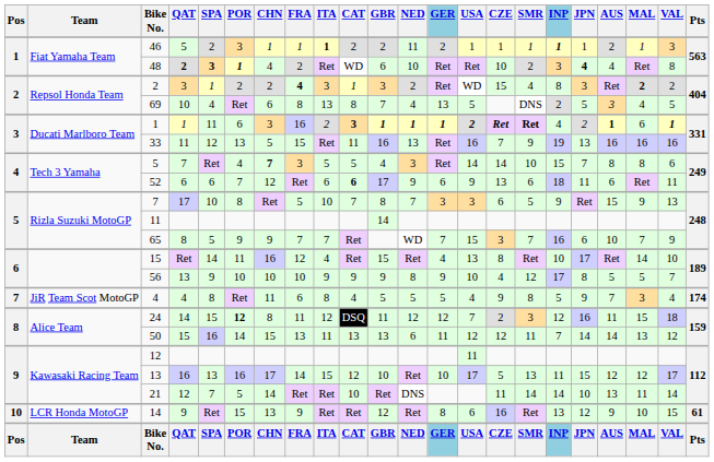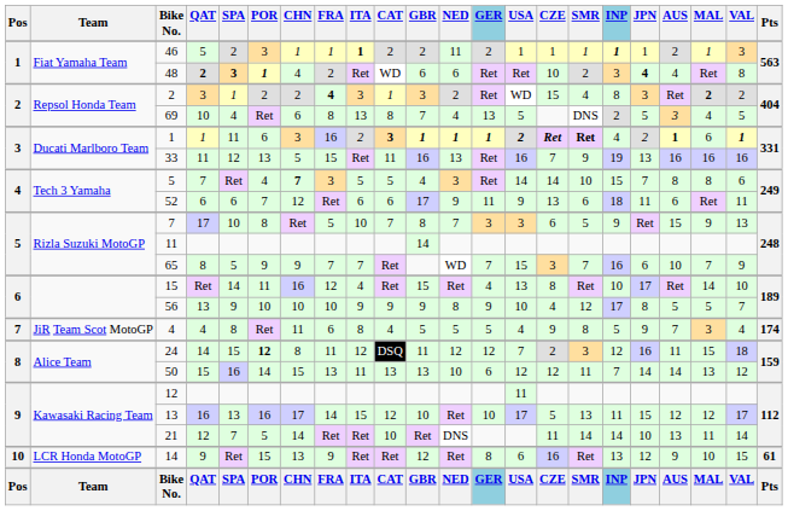 <table class="wikitable" style="font-size: 85%; text-align:center">
 <tr valign="top">
 <th valign="middle" scope="col">Pos</th>
 <th valign="middle" scope="col">Team</th>
 <th valign="middle" scope="col">Bike<br>No.</th>
 <th><a href='#'>QAT</a><br></th>
 <th><a href='#'>SPA</a><br></th>
 <th><a href='#'>POR</a><br></th>
 <th><a href='#'>CHN</a><br></th>
 <th><a href='#'>FRA</a><br></th>
 <th><a href='#'>ITA</a><br></th>
 <th><a href='#'>CAT</a><br></th>
 <th><a href='#'>GBR</a><br></th>
 <th><a href='#'>NED</a><br></th>
 <th style="background:#8fcfdf;"><a href='#'>GER</a><br></th>
 <th><a href='#'>USA</a><br></th>
 <th><a href='#'>CZE</a><br></th>
 <th><a href='#'>SMR</a><br></th>
 <th style="background:#8fcfdf;"><a href='#'>INP</a><br></th>
 <th><a href='#'>JPN</a><br></th>
 <th><a href='#'>AUS</a><br></th>
 <th><a href='#'>MAL</a><br></th>
 <th><a href='#'>VAL</a><br></th>
 <th valign="middle">Pts</th>
 </tr>
 <tr style="border-top:2px solid #aaaaaa">
 <th rowspan="2">1</th>
 <td align="left" rowspan="2"> <a href='#'>Fiat Yamaha Team</a></td>
 <td>46</td>
 <td style="background:#dfffdf;">5</td>
 <td style="background:#dfdfdf;">2</td>
 <td style="background:#ffdf9f;">3</td>
 <td style="background:#ffffbf;"><em>1</em></td>
 <td style="background:#ffffbf;"><em>1</em></td>
 <td style="background:#ffffbf;"><strong>1</strong></td>
 <td style="background:#dfdfdf;">2</td>
 <td style="background:#dfdfdf;">2</td>
 <td style="background:#dfffdf;">11</td>
 <td style="background:#dfdfdf;">2</td>
 <td style="background:#ffffbf;">1</td>
 <td style="background:#ffffbf;">1</td>
 <td style="background:#ffffbf;"><em>1</em></td>
 <td style="background:#ffffbf;"><strong><em>1</em></strong></td>
 <td style="background:#ffffbf;">1</td>
 <td style="background:#dfdfdf;">2</td>
 <td style="background:#ffffbf;"><em>1</em></td>
 <td style="background:#ffdf9f;">3</td>
 <th rowspan="2">563</th>
 </tr>
 <tr>
 <td>48</td>
 <td style="background:#dfdfdf;"><strong>2</strong></td>
 <td style="background:#ffdf9f;"><strong>3</strong></td>
 <td style="background:#ffffbf;"><strong><em>1</em></strong></td>
 <td style="background:#dfffdf;">4</td>
 <td style="background:#dfdfdf;">2</td>
 <td style="background:#efcfff;">Ret</td>
 <td style="background:#ffffff;">WD</td>
 <td style="background:#dfffdf;">6</td>
-<td style="background:#dfffdf;">10</td>
+<td style="background:#dfffdf;">6</td>
 <td style="background:#efcfff;">Ret</td>
 <td style="background:#efcfff;">Ret</td>
 <td style="background:#dfffdf;">10</td>
 <td style="background:#dfdfdf;">2</td>
 <td style="background:#ffdf9f;">3</td>
 <td style="background:#dfffdf;"><strong>4</strong></td>
 <td style="background:#dfffdf;">4</td>
 <td style="background:#efcfff;">Ret</td>
 <td style="background:#dfffdf;">8</td>
 </tr>
 <tr style="border-top:2px solid #aaaaaa">
 <th rowspan="2">2</th>
 <td align="left" rowspan="2"> <a href='#'>Repsol Honda Team</a></td>
 <td>2</td>
 <td style="background:#ffdf9f;">3</td>
 <td style="background:#ffffbf;"><em>1</em></td>
 <td style="background:#dfdfdf;">2</td>
 <td style="background:#dfdfdf;">2</td>
 <td style="background:#dfffdf;"><strong>4</strong></td>
 <td style="background:#ffdf9f;">3</td>
 <td style="background:#ffffbf;"><em>1</em></td>
 <td style="background:#ffdf9f;">3</td>
 <td style="background:#dfdfdf;">2</td>
 <td style="background:#efcfff;">Ret</td>
 <td style="background:#ffffff;">WD</td>
 <td style="background:#dfffdf;">15</td>
 <td style="background:#dfffdf;">4</td>
 <td style="background:#dfffdf;">8</td>
 <td style="background:#ffdf9f;">3</td>
 <td style="background:#efcfff;">Ret</td>
 <td style="background:#dfdfdf;"><strong>2</strong></td>
 <td style="background:#dfdfdf;">2</td>
 <th rowspan="2">404</th>
 </tr>
 <tr>
 <td>69</td>
 <td style="background:#dfffdf;">10</td>
 <td style="background:#dfffdf;">4</td>
 <td style="background:#efcfff;">Ret</td>
 <td style="background:#dfffdf;">6</td>
 <td style="background:#dfffdf;">8</td>
 <td style="background:#dfffdf;">13</td>
 <td style="background:#dfffdf;">8</td>
 <td style="background:#dfffdf;">7</td>
 <td style="background:#dfffdf;">4</td>
 <td style="background:#dfffdf;">13</td>
 <td style="background:#dfffdf;">5</td>
 <td></td>
 <td style="background:#ffffff;">DNS</td>
 <td style="background:#dfdfdf;">2</td>
 <td style="background:#dfffdf;">5</td>
 <td style="background:#ffdf9f;"><em>3</em></td>
 <td style="background:#dfffdf;">4</td>
 <td style="background:#dfffdf;">5</td>
 </tr>
 <tr style="border-top:2px solid #aaaaaa">
 <th rowspan="2">3</th>
 <td align="left" rowspan="2"> <a href='#'>Ducati Marlboro Team</a></td>
 <td>1</td>
 <td style="background:#ffffbf;"><em>1</em></td>
 <td style="background:#dfffdf;">11</td>
 <td style="background:#dfffdf;">6</td>
 <td style="background:#ffdf9f;">3</td>
 <td style="background:#cfcfff;">16</td>
 <td style="background:#dfdfdf;"><em>2</em></td>
 <td style="background:#ffdf9f;"><strong>3</strong></td>
 <td style="background:#ffffbf;"><strong><em>1</em></strong></td>
 <td style="background:#ffffbf;"><strong><em>1</em></strong></td>
 <td style="background:#ffffbf;"><strong><em>1</em></strong></td>
 <td style="background:#dfdfdf;"><strong><em>2</em></strong></td>
 <td style="background:#efcfff;"><strong><em>Ret</em></strong></td>
 <td style="background:#efcfff;"><strong>Ret</strong></td>
 <td style="background:#dfffdf;">4</td>
 <td style="background:#dfdfdf;"><em>2</em></td>
 <td style="background:#ffffbf;"><strong>1</strong></td>
 <td style="background:#dfffdf;">6</td>
 <td style="background:#ffffbf;"><strong><em>1</em></strong></td>
 <th rowspan="2">331</th>
 </tr>
 <tr>
 <td>33</td>
 <td style="background:#dfffdf;">11</td>
 <td style="background:#dfffdf;">12</td>
 <td style="background:#dfffdf;">13</td>
 <td style="background:#dfffdf;">5</td>
 <td style="background:#dfffdf;">15</td>
 <td style="background:#efcfff;">Ret</td>
 <td style="background:#dfffdf;">11</td>
 <td style="background:#cfcfff;">16</td>
 <td style="background:#dfffdf;">13</td>
 <td style="background:#efcfff;">Ret</td>
 <td style="background:#cfcfff;">16</td>
 <td style="background:#dfffdf;">7</td>
 <td style="background:#dfffdf;">9</td>
 <td style="background:#cfcfff;">19</td>
 <td style="background:#dfffdf;">13</td>
 <td style="background:#cfcfff;">16</td>
 <td style="background:#cfcfff;">16</td>
 <td style="background:#cfcfff;">16</td>
 </tr>
 <tr style="border-top:2px solid #aaaaaa">
 <th rowspan="2">4</th>
 <td align="left" rowspan="2"> <a href='#'>Tech 3 Yamaha</a></td>
 <td>5</td>
 <td style="background:#dfffdf;">7</td>
 <td style="background:#efcfff;">Ret</td>
 <td style="background:#dfffdf;">4</td>
 <td style="background:#dfffdf;"><strong>7</strong></td>
 <td style="background:#ffdf9f;">3</td>
 <td style="background:#dfffdf;">5</td>
 <td style="background:#dfffdf;">5</td>
 <td style="background:#dfffdf;">4</td>
 <td style="background:#ffdf9f;">3</td>
 <td style="background:#efcfff;">Ret</td>
 <td style="background:#dfffdf;">14</td>
 <td style="background:#dfffdf;">14</td>
 <td style="background:#dfffdf;">10</td>
 <td style="background:#dfffdf;">15</td>
 <td style="background:#dfffdf;">7</td>
 <td style="background:#dfffdf;">8</td>
 <td style="background:#dfffdf;">8</td>
 <td style="background:#dfffdf;">6</td>
 <th rowspan="2">249</th>
 </tr>
 <tr>
 <td>52</td>
 <td style="background:#dfffdf;">6</td>
 <td style="background:#dfffdf;">6</td>
 <td style="background:#dfffdf;">7</td>
 <td style="background:#dfffdf;">12</td>
 <td style="background:#efcfff;">Ret</td>
 <td style="background:#dfffdf;">6</td>
-<td style="background:#dfffdf;"><strong>6</strong></td>
+<td style="background:#dfffdf;">6</td>
 <td style="background:#cfcfff;">17</td>
 <td style="background:#dfffdf;">9</td>
-<td style="background:#dfffdf;">6</td>
+<td style="background:#dfffdf;">11</td>
 <td style="background:#dfffdf;">9</td>
 <td style="background:#dfffdf;">13</td>
 <td style="background:#dfffdf;">6</td>
 <td style="background:#cfcfff;">18</td>
 <td style="background:#dfffdf;">11</td>
 <td style="background:#dfffdf;">6</td>
 <td style="background:#efcfff;">Ret</td>
 <td style="background:#dfffdf;">11</td>
 </tr>
 <tr style="border-top:2px solid #aaaaaa">
 <th rowspan="3">5</th>
 <td align="left" rowspan="3"> <a href='#'>Rizla Suzuki MotoGP</a></td>
 <td>7</td>
 <td style="background:#cfcfff;">17</td>
 <td style="background:#dfffdf;">10</td>
 <td style="background:#dfffdf;">8</td>
 <td style="background:#efcfff;">Ret</td>
 <td style="background:#dfffdf;">5</td>
 <td style="background:#dfffdf;">10</td>
 <td style="background:#dfffdf;">7</td>
 <td style="background:#dfffdf;">8</td>
 <td style="background:#dfffdf;">7</td>
 <td style="background:#ffdf9f;">3</td>
 <td style="background:#ffdf9f;">3</td>
 <td style="background:#dfffdf;">6</td>
 <td style="background:#dfffdf;">5</td>
 <td style="background:#dfffdf;">9</td>
 <td style="background:#efcfff;">Ret</td>
 <td style="background:#dfffdf;">15</td>
 <td style="background:#dfffdf;">9</td>
 <td style="background:#dfffdf;">13</td>
 <th rowspan="3">248</th>
 </tr>
 <tr>
 <td>11</td>
 <td></td>
 <td></td>
 <td></td>
 <td></td>
 <td></td>
 <td></td>
 <td></td>
 <td style="background:#dfffdf;">14</td>
 <td></td>
 <td></td>
 <td></td>
 <td></td>
 <td></td>
 <td></td>
 <td></td>
 <td></td>
 <td></td>
 <td></td>
 </tr>
 <tr>
 <td>65</td>
 <td style="background:#dfffdf;">8</td>
 <td style="background:#dfffdf;">5</td>
 <td style="background:#dfffdf;">9</td>
 <td style="background:#dfffdf;">9</td>
 <td style="background:#dfffdf;">7</td>
 <td style="background:#dfffdf;">7</td>
 <td style="background:#efcfff;">Ret</td>
 <td></td>
 <td style="background:#ffffff;">WD</td>
 <td style="background:#dfffdf;">7</td>
 <td style="background:#dfffdf;">15</td>
 <td style="background:#ffdf9f;">3</td>
 <td style="background:#dfffdf;">7</td>
 <td style="background:#cfcfff;">16</td>
 <td style="background:#dfffdf;">6</td>
 <td style="background:#dfffdf;">10</td>
 <td style="background:#dfffdf;">7</td>
 <td style="background:#dfffdf;">9</td>
 </tr>
 <tr style="border-top:2px solid #aaaaaa">
 <th rowspan="2">6</th>
 <td align="left" rowspan="2"></td>
 <td>15</td>
 <td style="background:#efcfff;">Ret</td>
 <td style="background:#dfffdf;">14</td>
 <td style="background:#dfffdf;">11</td>
 <td style="background:#cfcfff;">16</td>
 <td style="background:#dfffdf;">12</td>
 <td style="background:#dfffdf;">4</td>
 <td style="background:#efcfff;">Ret</td>
 <td style="background:#dfffdf;">15</td>
 <td style="background:#efcfff;">Ret</td>
 <td style="background:#dfffdf;">4</td>
 <td style="background:#dfffdf;">13</td>
 <td style="background:#dfffdf;">8</td>
 <td style="background:#efcfff;">Ret</td>
 <td style="background:#dfffdf;">10</td>
 <td style="background:#cfcfff;">17</td>
 <td style="background:#efcfff;">Ret</td>
 <td style="background:#dfffdf;">14</td>
 <td style="background:#dfffdf;">10</td>
 <th rowspan="2">189</th>
 </tr>
 <tr>
 <td>56</td>
 <td style="background:#dfffdf;">13</td>
 <td style="background:#dfffdf;">9</td>
 <td style="background:#dfffdf;">10</td>
 <td style="background:#dfffdf;">10</td>
 <td style="background:#dfffdf;">10</td>
 <td style="background:#dfffdf;">9</td>
 <td style="background:#dfffdf;">9</td>
 <td style="background:#dfffdf;">9</td>
 <td style="background:#dfffdf;">8</td>
 <td style="background:#dfffdf;">9</td>
 <td style="background:#dfffdf;">10</td>
 <td style="background:#dfffdf;">4</td>
 <td style="background:#dfffdf;">12</td>
 <td style="background:#cfcfff;">17</td>
 <td style="background:#dfffdf;">8</td>
 <td style="background:#dfffdf;">5</td>
 <td style="background:#dfffdf;">5</td>
 <td style="background:#dfffdf;">7</td>
 </tr>
 <tr style="border-top:2px solid #aaaaaa">
 <th>7</th>
 <td align="left"> <a href='#'>JiR</a> <a href='#'>Team Scot</a> MotoGP</td>
 <td>4</td>
 <td style="background:#dfffdf;">4</td>
 <td style="background:#dfffdf;">8</td>
 <td style="background:#efcfff;">Ret</td>
 <td style="background:#dfffdf;">11</td>
 <td style="background:#dfffdf;">6</td>
 <td style="background:#dfffdf;">8</td>
 <td style="background:#dfffdf;">4</td>
 <td style="background:#dfffdf;">5</td>
 <td style="background:#dfffdf;">5</td>
 <td style="background:#dfffdf;">5</td>
 <td style="background:#dfffdf;">4</td>
 <td style="background:#dfffdf;">9</td>
 <td style="background:#dfffdf;">8</td>
 <td style="background:#dfffdf;">5</td>
 <td style="background:#dfffdf;">9</td>
 <td style="background:#dfffdf;">7</td>
 <td style="background:#ffdf9f;">3</td>
 <td style="background:#dfffdf;">4</td>
 <th>174</th>
 </tr>
 <tr style="border-top:2px solid #aaaaaa">
 <th rowspan="2">8</th>
 <td align="left" rowspan="2"> <a href='#'>Alice Team</a></td>
 <td>24</td>
 <td style="background:#dfffdf;">14</td>
 <td style="background:#dfffdf;">15</td>
 <td style="background:#dfffdf;"><strong>12</strong></td>
 <td style="background:#dfffdf;">8</td>
 <td style="background:#dfffdf;">11</td>
 <td style="background:#dfffdf;">12</td>
 <td style="background:#000; color:#fff;"><span>DSQ</span></td>
 <td style="background:#dfffdf;">11</td>
 <td style="background:#dfffdf;">12</td>
 <td style="background:#dfffdf;">12</td>
 <td style="background:#dfffdf;">7</td>
 <td style="background:#dfdfdf;">2</td>
 <td style="background:#ffdf9f;">3</td>
 <td style="background:#dfffdf;">12</td>
 <td style="background:#cfcfff;">16</td>
 <td style="background:#dfffdf;">11</td>
 <td style="background:#dfffdf;">15</td>
 <td style="background:#cfcfff;">18</td>
 <th rowspan="2">159</th>
 </tr>
 <tr>
 <td>50</td>
 <td style="background:#dfffdf;">15</td>
 <td style="background:#cfcfff;">16</td>
 <td style="background:#dfffdf;">14</td>
 <td style="background:#dfffdf;">15</td>
 <td style="background:#dfffdf;">13</td>
 <td style="background:#dfffdf;">11</td>
 <td style="background:#dfffdf;">13</td>
 <td style="background:#dfffdf;">13</td>
+<td style="background:#dfffdf;">10</td>
 <td style="background:#dfffdf;">6</td>
-<td style="background:#dfffdf;">11</td>
 <td style="background:#dfffdf;">12</td>
 <td style="background:#dfffdf;">12</td>
 <td style="background:#dfffdf;">11</td>
 <td style="background:#dfffdf;">7</td>
 <td style="background:#dfffdf;">14</td>
 <td style="background:#dfffdf;">14</td>
 <td style="background:#dfffdf;">13</td>
 <td style="background:#dfffdf;">12</td>
 </tr>
 <tr style="border-top:2px solid #aaaaaa">
 <th rowspan="3">9</th>
 <td align="left" rowspan="3"> <a href='#'>Kawasaki Racing Team</a></td>
 <td>12</td>
 <td></td>
 <td></td>
 <td></td>
 <td></td>
 <td></td>
 <td></td>
 <td></td>
 <td></td>
 <td></td>
 <td></td>
 <td style="background:#dfffdf;">11</td>
 <td></td>
 <td></td>
 <td></td>
 <td></td>
 <td></td>
 <td></td>
 <td></td>
 <th rowspan="3">112</th>
 </tr>
 <tr>
 <td>13</td>
 <td style="background:#cfcfff;">16</td>
 <td style="background:#dfffdf;">13</td>
 <td style="background:#cfcfff;">16</td>
 <td style="background:#cfcfff;">17</td>
 <td style="background:#dfffdf;">14</td>
 <td style="background:#dfffdf;">15</td>
 <td style="background:#dfffdf;">12</td>
 <td style="background:#dfffdf;">10</td>
 <td style="background:#efcfff;">Ret</td>
 <td style="background:#dfffdf;">10</td>
 <td style="background:#cfcfff;">17</td>
 <td style="background:#dfffdf;">5</td>
 <td style="background:#dfffdf;">13</td>
 <td style="background:#dfffdf;">11</td>
 <td style="background:#dfffdf;">15</td>
 <td style="background:#dfffdf;">12</td>
 <td style="background:#dfffdf;">12</td>
 <td style="background:#cfcfff;">17</td>
 </tr>
 <tr>
 <td>21</td>
 <td style="background:#dfffdf;">12</td>
 <td style="background:#dfffdf;">7</td>
 <td style="background:#dfffdf;">5</td>
 <td style="background:#dfffdf;">14</td>
 <td style="background:#efcfff;">Ret</td>
 <td style="background:#efcfff;">Ret</td>
 <td style="background:#dfffdf;">10</td>
 <td style="background:#efcfff;">Ret</td>
 <td style="background:#ffffff;">DNS</td>
 <td></td>
 <td></td>
 <td style="background:#dfffdf;">11</td>
 <td style="background:#dfffdf;">14</td>
 <td style="background:#dfffdf;">14</td>
 <td style="background:#dfffdf;">10</td>
 <td style="background:#dfffdf;">13</td>
 <td style="background:#dfffdf;">11</td>
 <td style="background:#dfffdf;">14</td>
 </tr>
 <tr style="border-top:2px solid #aaaaaa">
 <th>10</th>
 <td align="left"> <a href='#'>LCR Honda MotoGP</a></td>
 <td>14</td>
 <td style="background:#dfffdf;">9</td>
 <td style="background:#efcfff;">Ret</td>
 <td style="background:#dfffdf;">15</td>
 <td style="background:#dfffdf;">13</td>
 <td style="background:#dfffdf;">9</td>
 <td style="background:#efcfff;">Ret</td>
 <td style="background:#efcfff;">Ret</td>
 <td style="background:#dfffdf;">12</td>
 <td style="background:#efcfff;">Ret</td>
 <td style="background:#dfffdf;">8</td>
 <td style="background:#dfffdf;">6</td>
 <td style="background:#cfcfff;">16</td>
 <td style="background:#efcfff;">Ret</td>
 <td style="background:#dfffdf;">13</td>
 <td style="background:#dfffdf;">12</td>
 <td style="background:#dfffdf;">9</td>
 <td style="background:#dfffdf;">10</td>
 <td style="background:#dfffdf;">15</td>
 <th>61</th>
 </tr>
 <tr valign="top" style="border-top:2px solid #aaaaaa">
 <th valign="middle" scope="col">Pos</th>
 <th valign="middle" scope="col">Team</th>
 <th valign="middle" scope="col">Bike<br>No.</th>
 <th><a href='#'>QAT</a><br></th>
 <th><a href='#'>SPA</a><br></th>
 <th><a href='#'>POR</a><br></th>
 <th><a href='#'>CHN</a><br></th>
 <th><a href='#'>FRA</a><br></th>
 <th><a href='#'>ITA</a><br></th>
 <th><a href='#'>CAT</a><br></th>
 <th><a href='#'>GBR</a><br></th>
 <th><a href='#'>NED</a><br></th>
 <th style="background:#8fcfdf;"><a href='#'>GER</a><br></th>
 <th><a href='#'>USA</a><br></th>
 <th><a href='#'>CZE</a><br></th>
 <th><a href='#'>SMR</a><br></th>
 <th style="background:#8fcfdf;"><a href='#'>INP</a><br></th>
 <th><a href='#'>JPN</a><br></th>
 <th><a href='#'>AUS</a><br></th>
 <th><a href='#'>MAL</a><br></th>
 <th><a href='#'>VAL</a><br></th>
 <th valign="middle">Pts</th>
 </tr>
 </table>
